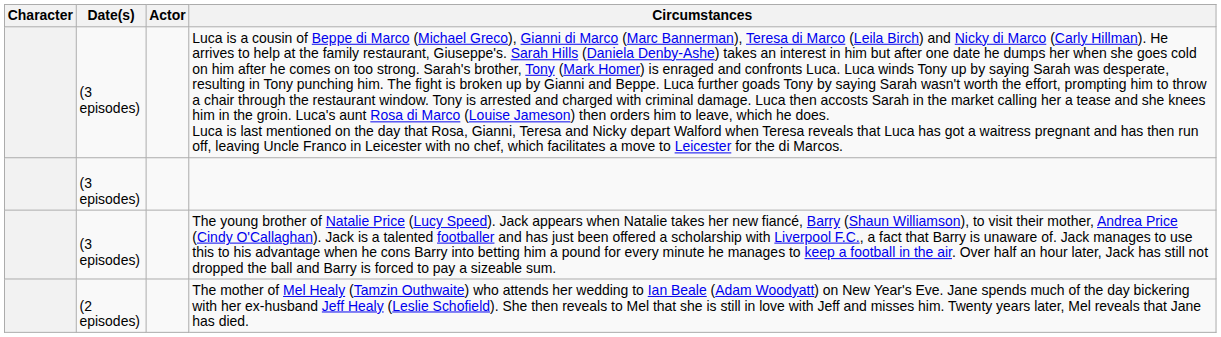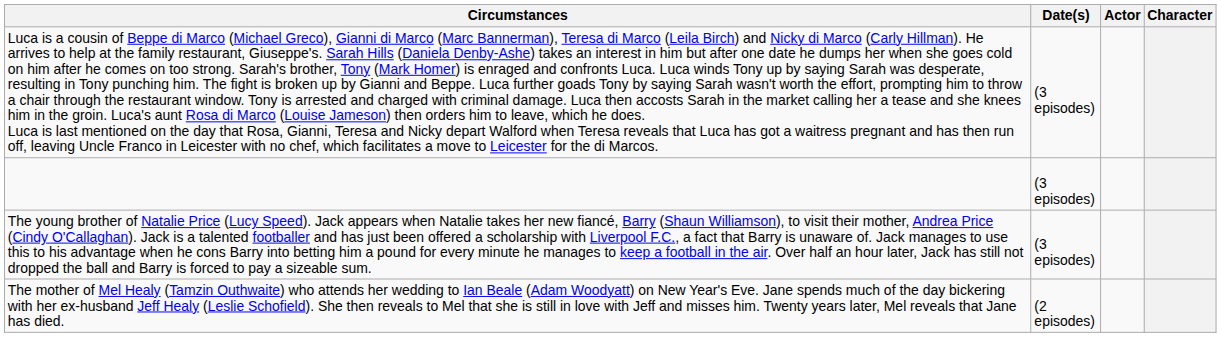 <table class="wikitable plainrowheaders" style="font-size:90%">
 <tr>
-<th scope="col">Character</th>
+<th scope="col">Circumstances</th>
 <th scope="col">Date(s)</th>
 <th scope="col">Actor</th>
-<th scope="col">Circumstances</th>
+<th scope="col">Character</th>
 </tr>
 <tr>
-<th scope="row"></th>
+<td>Luca is a cousin of <a href='#'>Beppe di Marco</a> (<a href='#'>Michael Greco</a>), <a href='#'>Gianni di Marco</a> (<a href='#'>Marc Bannerman</a>), <a href='#'>Teresa di Marco</a> (<a href='#'>Leila Birch</a>) and <a href='#'>Nicky di Marco</a> (<a href='#'>Carly Hillman</a>). He arrives to help at the family restaurant, Giuseppe's. <a href='#'>Sarah Hills</a> (<a href='#'>Daniela Denby-Ashe</a>) takes an interest in him but after one date he dumps her when she goes cold on him after he comes on too strong. Sarah's brother, <a href='#'>Tony</a> (<a href='#'>Mark Homer</a>) is enraged and confronts Luca. Luca winds Tony up by saying Sarah was desperate, resulting in Tony punching him. The fight is broken up by Gianni and Beppe. Luca further goads Tony by saying Sarah wasn't worth the effort, prompting him to throw a chair through the restaurant window. Tony is arrested and charged with criminal damage. Luca then accosts Sarah in the market calling her a tease and she knees him in the groin. Luca's aunt <a href='#'>Rosa di Marco</a> (<a href='#'>Louise Jameson</a>) then orders him to leave, which he does.<br>Luca is last mentioned on the day that Rosa, Gianni, Teresa and Nicky depart Walford when Teresa reveals that Luca has got a waitress pregnant and has then run off, leaving Uncle Franco in Leicester with no chef, which facilitates a move to <a href='#'>Leicester</a> for the di Marcos.</td>
 <td><br>(3 episodes)</td>
 <td></td>
-<td>Luca is a cousin of <a href='#'>Beppe di Marco</a> (<a href='#'>Michael Greco</a>), <a href='#'>Gianni di Marco</a> (<a href='#'>Marc Bannerman</a>), <a href='#'>Teresa di Marco</a> (<a href='#'>Leila Birch</a>) and <a href='#'>Nicky di Marco</a> (<a href='#'>Carly Hillman</a>). He arrives to help at the family restaurant, Giuseppe's. <a href='#'>Sarah Hills</a> (<a href='#'>Daniela Denby-Ashe</a>) takes an interest in him but after one date he dumps her when she goes cold on him after he comes on too strong. Sarah's brother, <a href='#'>Tony</a> (<a href='#'>Mark Homer</a>) is enraged and confronts Luca. Luca winds Tony up by saying Sarah was desperate, resulting in Tony punching him. The fight is broken up by Gianni and Beppe. Luca further goads Tony by saying Sarah wasn't worth the effort, prompting him to throw a chair through the restaurant window. Tony is arrested and charged with criminal damage. Luca then accosts Sarah in the market calling her a tease and she knees him in the groin. Luca's aunt <a href='#'>Rosa di Marco</a> (<a href='#'>Louise Jameson</a>) then orders him to leave, which he does.<br>Luca is last mentioned on the day that Rosa, Gianni, Teresa and Nicky depart Walford when Teresa reveals that Luca has got a waitress pregnant and has then run off, leaving Uncle Franco in Leicester with no chef, which facilitates a move to <a href='#'>Leicester</a> for the di Marcos.</td>
+<th scope="row"></th>
 </tr>
 <tr>
-<th scope="row"></th>
+<td></td>
 <td><br>(3 episodes)</td>
 <td></td>
-<td></td>
+<th scope="row"></th>
 </tr>
 <tr>
-<th scope="row"></th>
+<td>The young brother of <a href='#'>Natalie Price</a> (<a href='#'>Lucy Speed</a>). Jack appears when Natalie takes her new fiancé, <a href='#'>Barry</a> (<a href='#'>Shaun Williamson</a>), to visit their mother, <a href='#'>Andrea Price</a> (<a href='#'>Cindy O'Callaghan</a>). Jack is a talented <a href='#'>footballer</a> and has just been offered a scholarship with <a href='#'>Liverpool F.C.</a>, a fact that Barry is unaware of. Jack manages to use this to his advantage when he cons Barry into betting him a pound for every minute he manages to <a href='#'>keep a football in the air</a>. Over half an hour later, Jack has still not dropped the ball and Barry is forced to pay a sizeable sum.</td>
 <td><br>(3 episodes)</td>
 <td></td>
-<td>The young brother of <a href='#'>Natalie Price</a> (<a href='#'>Lucy Speed</a>). Jack appears when Natalie takes her new fiancé, <a href='#'>Barry</a> (<a href='#'>Shaun Williamson</a>), to visit their mother, <a href='#'>Andrea Price</a> (<a href='#'>Cindy O'Callaghan</a>). Jack is a talented <a href='#'>footballer</a> and has just been offered a scholarship with <a href='#'>Liverpool F.C.</a>, a fact that Barry is unaware of. Jack manages to use this to his advantage when he cons Barry into betting him a pound for every minute he manages to <a href='#'>keep a football in the air</a>. Over half an hour later, Jack has still not dropped the ball and Barry is forced to pay a sizeable sum.</td>
+<th scope="row"></th>
 </tr>
 <tr>
-<th scope="row"></th>
+<td>The mother of <a href='#'>Mel Healy</a> (<a href='#'>Tamzin Outhwaite</a>) who attends her wedding to <a href='#'>Ian Beale</a> (<a href='#'>Adam Woodyatt</a>) on New Year's Eve. Jane spends much of the day bickering with her ex-husband <a href='#'>Jeff Healy</a> (<a href='#'>Leslie Schofield</a>). She then reveals to Mel that she is still in love with Jeff and misses him. Twenty years later, Mel reveals that Jane has died.</td>
 <td><br>(2 episodes)</td>
 <td></td>
-<td>The mother of <a href='#'>Mel Healy</a> (<a href='#'>Tamzin Outhwaite</a>) who attends her wedding to <a href='#'>Ian Beale</a> (<a href='#'>Adam Woodyatt</a>) on New Year's Eve. Jane spends much of the day bickering with her ex-husband <a href='#'>Jeff Healy</a> (<a href='#'>Leslie Schofield</a>). She then reveals to Mel that she is still in love with Jeff and misses him. Twenty years later, Mel reveals that Jane has died.</td>
+<th scope="row"></th>
 </tr>
 </table>
